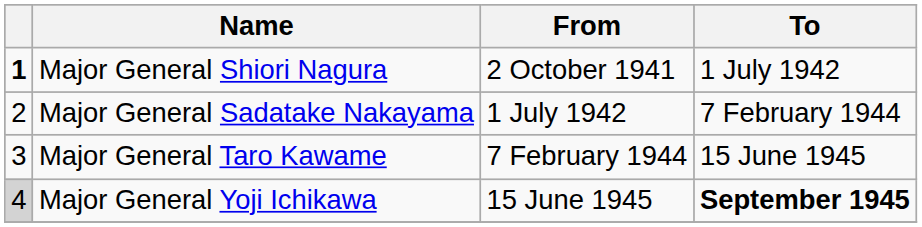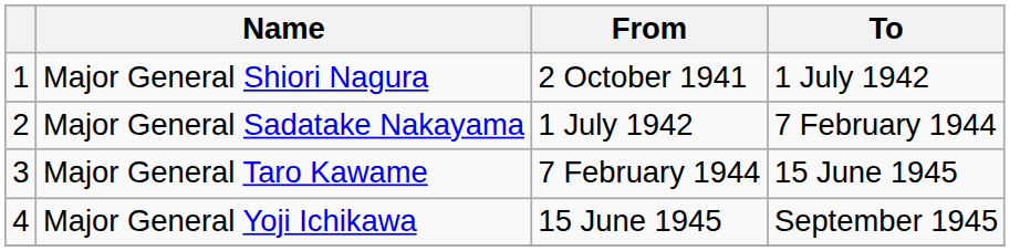 <table class=wikitable>
 <tr>
 <th></th>
 <th>Name</th>
 <th>From</th>
 <th>To</th>
 </tr>
 <tr>
-<td><strong>1</strong></td>
+<td>1</td>
 <td>Major General <a href='#'>Shiori Nagura</a></td>
 <td>2 October 1941</td>
 <td>1 July 1942</td>
 </tr>
 <tr>
 <td>2</td>
 <td>Major General <a href='#'>Sadatake Nakayama</a></td>
 <td>1 July 1942</td>
 <td>7 February 1944</td>
 </tr>
 <tr>
 <td>3</td>
 <td>Major General <a href='#'>Taro Kawame</a></td>
 <td>7 February 1944</td>
 <td>15 June 1945</td>
 </tr>
 <tr>
-<td style="background: lightgrey;">4</td>
+<td>4</td>
 <td>Major General <a href='#'>Yoji Ichikawa</a></td>
 <td>15 June 1945</td>
-<td><strong>September 1945</strong></td>
+<td>September 1945</td>
 </tr>
 <tr>
 </tr>
 </table>
